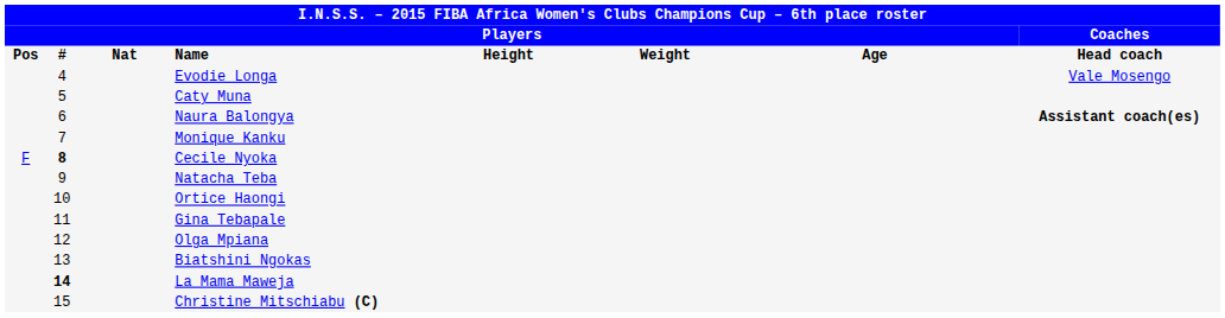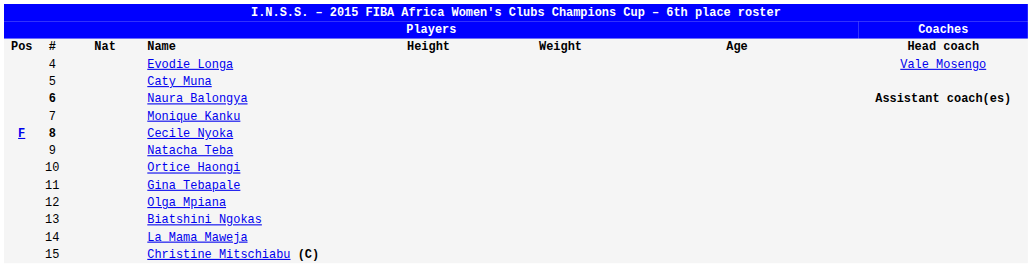 <table border=0 cellpadding=2 cellspacing=0  |- bgcolor=#f5f5f5 style="text-align:center; font-size:85%;" width=75%>
 <tr>
 <td colspan="8" style="background: blue; color: white"><strong>I.N.S.S. – 2015 FIBA Africa Women's Clubs Champions Cup – 6th place roster</strong></td>
 </tr>
 <tr>
 <td colspan="7" style="background: blue; color: white"><strong>Players</strong></td>
 <td style="background: blue; color: white"><strong>Coaches</strong></td>
 </tr>
 <tr style="background=#f5f5f5; color: black">
 <th width=5px>Pos</th>
 <th width=5px>#</th>
 <th width=50px>Nat</th>
 <th width=135px align=left>Name</th>
 <th width=100px>Height</th>
 <th width=70px>Weight</th>
 <th width=160px>Age</th>
 <th width=110px>Head coach</th>
 </tr>
 <tr>
 <td></td>
 <td>4</td>
 <td></td>
 <td align=left><a href='#'>Evodie Longa</a></td>
 <td></td>
 <td></td>
 <td><span></span></td>
 <td> <a href='#'>Vale Mosengo</a></td>
 </tr>
 <tr>
 <td></td>
 <td>5</td>
 <td></td>
 <td align=left><a href='#'>Caty Muna</a></td>
 <td></td>
 <td></td>
 <td><span></span></td>
 </tr>
 <tr>
 <td></td>
-<td>6</td>
+<td><strong>6</strong></td>
 <td></td>
 <td align=left><a href='#'>Naura Balongya</a></td>
 <td></td>
 <td></td>
 <td><span></span></td>
 <td><strong>Assistant coach(es)</strong></td>
 </tr>
 <tr>
 <td></td>
 <td>7</td>
 <td></td>
 <td align=left><a href='#'>Monique Kanku</a></td>
 <td></td>
 <td></td>
 <td><span></span></td>
 <td></td>
 </tr>
 <tr>
-<td><a href='#'>F</a></td>
+<td><strong><a href='#'>F</a></strong></td>
 <td><strong>8</strong></td>
 <td></td>
 <td align=left><a href='#'>Cecile Nyoka</a></td>
 <td><span></span></td>
 <td></td>
 <td><span></span></td>
 </tr>
 <tr>
 <td></td>
 <td>9</td>
 <td></td>
 <td align=left><a href='#'>Natacha Teba</a></td>
 <td></td>
 <td></td>
 <td><span></span></td>
 </tr>
 <tr>
 <td></td>
 <td>10</td>
 <td></td>
 <td align=left><a href='#'>Ortice Haongi</a></td>
 <td></td>
 <td></td>
 <td><span></span></td>
 </tr>
 <tr>
 <td></td>
 <td>11</td>
 <td></td>
 <td align=left><a href='#'>Gina Tebapale</a></td>
 <td></td>
 <td></td>
 <td><span></span></td>
 </tr>
 <tr>
 <td></td>
 <td>12</td>
 <td></td>
 <td align=left><a href='#'>Olga Mpiana</a></td>
 <td></td>
 <td></td>
 <td><span></span></td>
 </tr>
 <tr>
 <td></td>
 <td>13</td>
 <td></td>
 <td align=left><a href='#'>Biatshini Ngokas</a></td>
 <td></td>
 <td></td>
 <td><span></span></td>
 </tr>
 <tr>
 <td></td>
-<td><strong>14</strong></td>
+<td>14</td>
 <td></td>
 <td align=left><a href='#'>La Mama Maweja</a></td>
 <td></td>
 <td></td>
 <td><span></span></td>
 </tr>
 <tr>
 <td></td>
 <td>15</td>
 <td></td>
 <td align=left><a href='#'>Christine Mitschiabu</a> <strong>(C)</strong></td>
 <td></td>
 <td></td>
 <td><span></span></td>
 </tr>
 </table>
